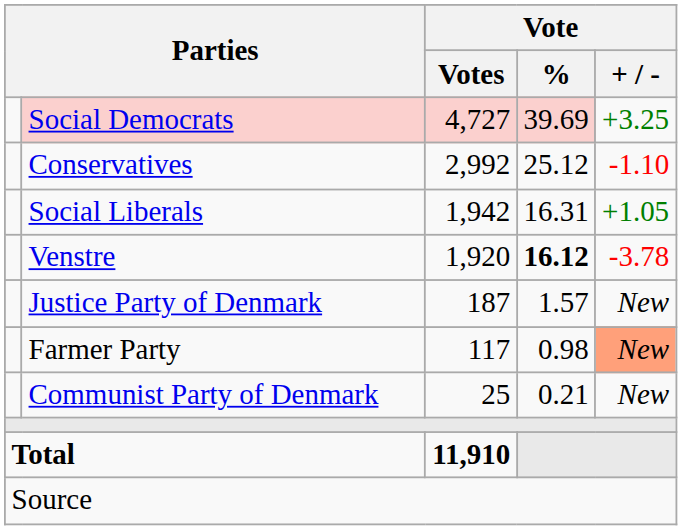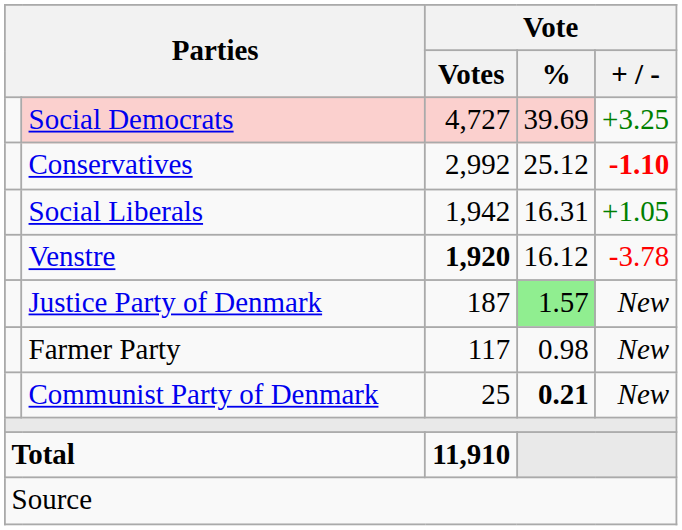 <table class="wikitable" style="text-align:right;">
 <tr>
 <th style="text-align:centre;" rowspan="2" colspan="2" width="225">Parties</th>
 <th colspan="3">Vote</th>
 </tr>
 <tr>
 <th width="15">Votes</th>
 <th width="15">%</th>
 <th width="15">+ / -</th>
 </tr>
 <tr>
 <td width="2" style="color:inherit;background:"></td>
 <td bgcolor=#fbd0ce  align="left"><a href='#'>Social Democrats</a></td>
 <td bgcolor=#fbd0ce>4,727</td>
 <td bgcolor=#fbd0ce>39.69</td>
 <td style=color:green;>+3.25</td>
 </tr>
 <tr>
 <td width="2" style="color:inherit;background:"></td>
 <td align="left"><a href='#'>Conservatives</a></td>
 <td>2,992</td>
 <td>25.12</td>
-<td style=color:red;>-1.10</td>
+<td style=color:red;><strong>-1.10</strong></td>
 </tr>
 <tr>
 <td width="2" style="color:inherit;background:"></td>
 <td align="left"><a href='#'>Social Liberals</a></td>
 <td>1,942</td>
 <td>16.31</td>
 <td style=color:green;>+1.05</td>
 </tr>
 <tr>
 <td width="2" style="color:inherit;background:"></td>
 <td align="left"><a href='#'>Venstre</a></td>
-<td>1,920</td>
-<td><strong>16.12</strong></td>
+<td><strong>1,920</strong></td>
+<td>16.12</td>
 <td style=color:red;>-3.78</td>
 </tr>
 <tr>
 <td width="2" style="color:inherit;background:"></td>
 <td align="left"><a href='#'>Justice Party of Denmark</a></td>
 <td>187</td>
-<td>1.57</td>
+<td style="background: lightgreen;">1.57</td>
 <td><em>New</em></td>
 </tr>
 <tr>
 <td width="2" style="color:inherit;background:"></td>
 <td align="left">Farmer Party</td>
 <td>117</td>
 <td>0.98</td>
-<td style="background: lightsalmon;"><em>New</em></td>
+<td><em>New</em></td>
 </tr>
 <tr>
 <td width="2" style="color:inherit;background:"></td>
 <td align="left"><a href='#'>Communist Party of Denmark</a></td>
 <td>25</td>
-<td>0.21</td>
+<td><strong>0.21</strong></td>
 <td><em>New</em></td>
 </tr>
 <tr>
 <td colspan="7" bgcolor="#E9E9E9"></td>
 </tr>
 <tr>
 <td align="left" colspan="2"><strong>Total</strong></td>
 <td><strong>11,910</strong></td>
 <td bgcolor="#E9E9E9" colspan="2"></td>
 </tr>
 <tr>
 <td align="left" colspan="6">Source</td>
 </tr>
 </table>
